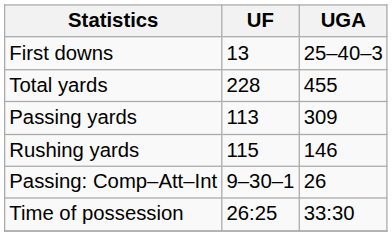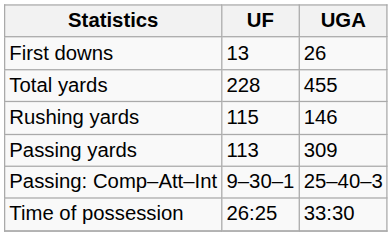 <table class="wikitable" style="float: left;">
 <tr>
 <th>Statistics</th>
 <th>UF</th>
 <th>UGA</th>
 </tr>
 <tr>
 <td>First downs</td>
 <td>13</td>
-<td>25–40–3</td>
+<td>26</td>
 </tr>
 <tr>
 <td>Total yards</td>
 <td>228</td>
 <td>455</td>
 </tr>
 <tr>
+<td>Rushing yards</td>
+<td>115</td>
+<td>146</td>
+</tr>
+<tr>
 <td>Passing yards</td>
 <td>113</td>
 <td>309</td>
 </tr>
 <tr>
-<td>Rushing yards</td>
-<td>115</td>
-<td>146</td>
-</tr>
-<tr>
 <td>Passing: Comp–Att–Int</td>
 <td>9–30–1</td>
-<td>26</td>
+<td>25–40–3</td>
 </tr>
 <tr>
 <td>Time of possession</td>
 <td>26:25</td>
 <td>33:30</td>
 </tr>
 <tr>
 </tr>
 </table>
